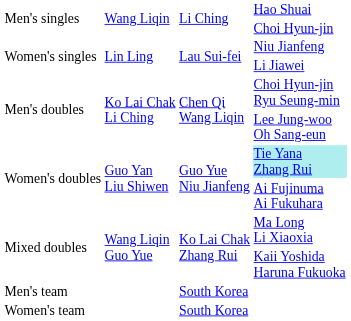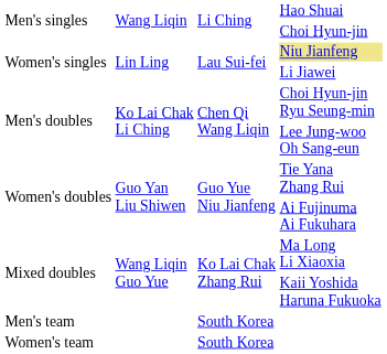 <table>
 <tr>
 <td rowspan=2>Men's singles <br></td>
 <td rowspan=2> <a href='#'>Wang Liqin</a></td>
 <td rowspan=2> <a href='#'>Li Ching</a></td>
 <td> <a href='#'>Hao Shuai</a></td>
 </tr>
 <tr>
 <td> <a href='#'>Choi Hyun-jin</a></td>
 </tr>
 <tr>
 <td rowspan=2>Women's singles <br></td>
 <td rowspan=2> <a href='#'>Lin Ling</a></td>
 <td rowspan=2> <a href='#'>Lau Sui-fei</a></td>
-<td> <a href='#'>Niu Jianfeng</a></td>
+<td style="background: khaki;"> <a href='#'>Niu Jianfeng</a></td>
 </tr>
 <tr>
 <td> <a href='#'>Li Jiawei</a></td>
 </tr>
 <tr>
 <td rowspan=2>Men's doubles <br></td>
 <td rowspan=2> <a href='#'>Ko Lai Chak</a><br> <a href='#'>Li Ching</a></td>
 <td rowspan=2> <a href='#'>Chen Qi</a><br> <a href='#'>Wang Liqin</a></td>
 <td> <a href='#'>Choi Hyun-jin</a><br> <a href='#'>Ryu Seung-min</a></td>
 </tr>
 <tr>
 <td> <a href='#'>Lee Jung-woo</a><br> <a href='#'>Oh Sang-eun</a></td>
 </tr>
 <tr>
 <td rowspan=2>Women's doubles <br></td>
 <td rowspan=2> <a href='#'>Guo Yan</a><br> <a href='#'>Liu Shiwen</a></td>
 <td rowspan=2> <a href='#'>Guo Yue</a><br> <a href='#'>Niu Jianfeng</a></td>
-<td style="background: paleturquoise;"> <a href='#'>Tie Yana</a><br>  <a href='#'>Zhang Rui</a></td>
+<td> <a href='#'>Tie Yana</a><br>  <a href='#'>Zhang Rui</a></td>
 </tr>
 <tr>
 <td> <a href='#'>Ai Fujinuma</a><br> <a href='#'>Ai Fukuhara</a></td>
 </tr>
 <tr>
 <td rowspan=2>Mixed doubles <br></td>
 <td rowspan=2> <a href='#'>Wang Liqin</a><br> <a href='#'>Guo Yue</a></td>
 <td rowspan=2> <a href='#'>Ko Lai Chak</a><br> <a href='#'>Zhang Rui</a></td>
 <td> <a href='#'>Ma Long</a><br> <a href='#'>Li Xiaoxia</a></td>
 </tr>
 <tr>
 <td> <a href='#'>Kaii Yoshida</a><br> <a href='#'>Haruna Fukuoka</a></td>
 </tr>
 <tr>
 <td rowspan=2>Men's team <br></td>
 <td rowspan=2></td>
 <td rowspan=2> <a href='#'>South Korea</a></td>
 <td></td>
 </tr>
 <tr>
 <td></td>
 </tr>
 <tr>
 <td rowspan=2>Women's team <br></td>
 <td rowspan=2></td>
 <td rowspan=2> <a href='#'>South Korea</a></td>
 <td></td>
 </tr>
 <tr>
 <td></td>
 </tr>
 </table>
